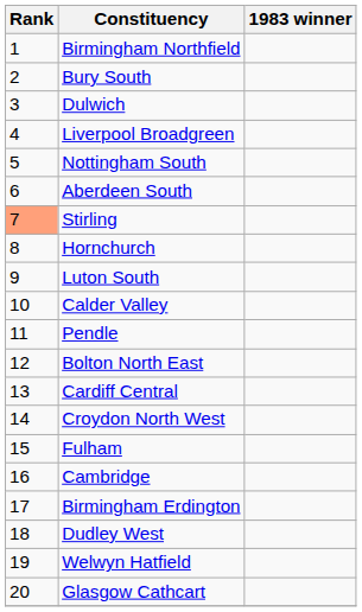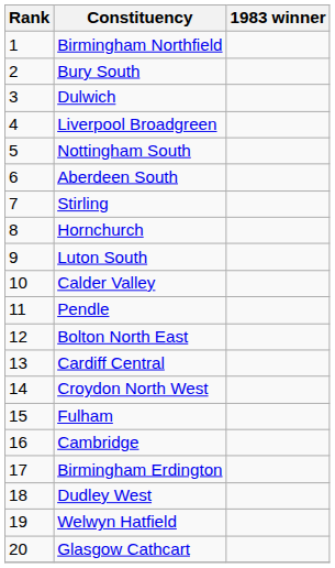 <table class="wikitable">
 <tr>
 <th>Rank</th>
 <th>Constituency</th>
 <th colspan=2>1983 winner</th>
 </tr>
 <tr>
 <td>1</td>
 <td><a href='#'>Birmingham Northfield</a></td>
 <td></td>
 </tr>
 <tr>
 <td>2</td>
 <td><a href='#'>Bury South</a></td>
 <td></td>
 </tr>
 <tr>
 <td>3</td>
 <td><a href='#'>Dulwich</a></td>
 <td></td>
 </tr>
 <tr>
 <td>4</td>
 <td><a href='#'>Liverpool Broadgreen</a></td>
 <td></td>
 </tr>
 <tr>
 <td>5</td>
 <td><a href='#'>Nottingham South</a></td>
 <td></td>
 </tr>
 <tr>
 <td>6</td>
 <td><a href='#'>Aberdeen South</a></td>
 <td></td>
 </tr>
 <tr>
-<td style="background: lightsalmon;">7</td>
+<td>7</td>
 <td><a href='#'>Stirling</a></td>
 <td></td>
 </tr>
 <tr>
 <td>8</td>
 <td><a href='#'>Hornchurch</a></td>
 <td></td>
 </tr>
 <tr>
 <td>9</td>
 <td><a href='#'>Luton South</a></td>
 <td></td>
 </tr>
 <tr>
 <td>10</td>
 <td><a href='#'>Calder Valley</a></td>
 <td></td>
 </tr>
 <tr>
 <td>11</td>
 <td><a href='#'>Pendle</a></td>
 <td></td>
 </tr>
 <tr>
 <td>12</td>
 <td><a href='#'>Bolton North East</a></td>
 <td></td>
 </tr>
 <tr>
 <td>13</td>
 <td><a href='#'>Cardiff Central</a></td>
 <td></td>
 </tr>
 <tr>
 <td>14</td>
 <td><a href='#'>Croydon North West</a></td>
 <td></td>
 </tr>
 <tr>
 <td>15</td>
 <td><a href='#'>Fulham</a></td>
 <td></td>
 </tr>
 <tr>
 <td>16</td>
 <td><a href='#'>Cambridge</a></td>
 <td></td>
 </tr>
 <tr>
 <td>17</td>
 <td><a href='#'>Birmingham Erdington</a></td>
 <td></td>
 </tr>
 <tr>
 <td>18</td>
 <td><a href='#'>Dudley West</a></td>
 <td></td>
 </tr>
 <tr>
 <td>19</td>
 <td><a href='#'>Welwyn Hatfield</a></td>
 <td></td>
 </tr>
 <tr>
 <td>20</td>
 <td><a href='#'>Glasgow Cathcart</a></td>
 <td></td>
 </tr>
 <tr>
 </tr>
 </table>
